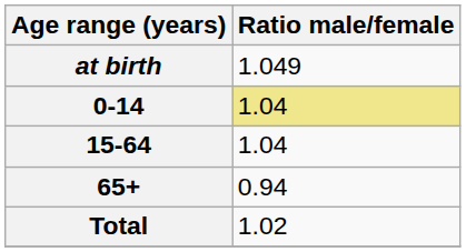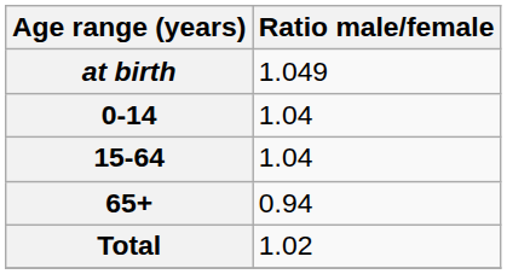 <table class="wikitable">
 <tr>
 <th>Age range (years)</th>
 <th>Ratio male/female</th>
 </tr>
 <tr>
 <th><em>at birth</em></th>
 <td>1.049</td>
 </tr>
 <tr>
 <th>0-14</th>
-<td style="background: khaki;">1.04</td>
+<td>1.04</td>
 </tr>
 <tr>
 <th>15-64</th>
 <td>1.04</td>
 </tr>
 <tr>
 <th>65+</th>
 <td>0.94</td>
 </tr>
 <tr>
 <th>Total</th>
 <td>1.02</td>
 </tr>
 <tr>
 </tr>
 </table>
